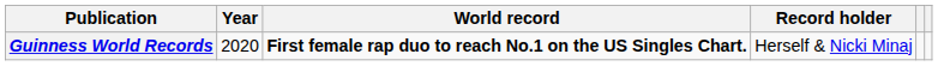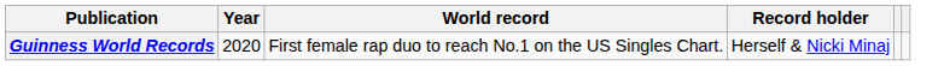 <table class="wikitable sortable plainrowheaders">
 <tr>
 <th scope="col">Publication</th>
 <th scope="col">Year</th>
 <th scope="col">World record</th>
 <th scope="col">Record holder</th>
 <th scope="col"></th>
 <th scope="col" class="unsortable"></th>
 </tr>
 <tr>
 <th scope="row" rowspan="26"><em><a href='#'>Guinness World Records</a></em></th>
 <td rowspan="5" style="text-align:center;">2020</td>
-<td><strong>First female rap duo to reach No.1 on the US Singles Chart.</strong></td>
+<td>First female rap duo to reach No.1 on the US Singles Chart.</td>
 <td rowspan="13">Herself & <a href='#'>Nicki Minaj</a></td>
 <td></td>
 <td style="text-align:center;"></td>
 </tr>
 </table>
